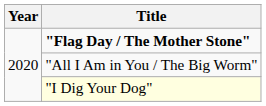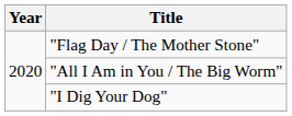 <table class="wikitable plainrowheaders">
 <tr>
 <th>Year</th>
 <th>Title</th>
 </tr>
 <tr>
 <td rowspan="3">2020</td>
-<td><strong>"Flag Day / The Mother Stone"</strong></td>
+<td>"Flag Day / The Mother Stone"</td>
 </tr>
 <tr>
 <td>"All I Am in You / The Big Worm"</td>
 </tr>
 <tr>
-<td style="background: lightyellow;">"I Dig Your Dog"</td>
+<td>"I Dig Your Dog"</td>
 </tr>
 </table>
